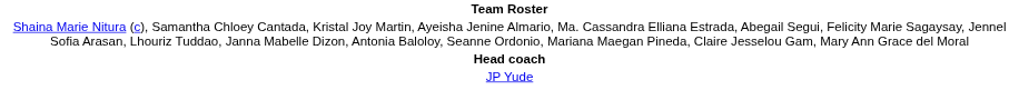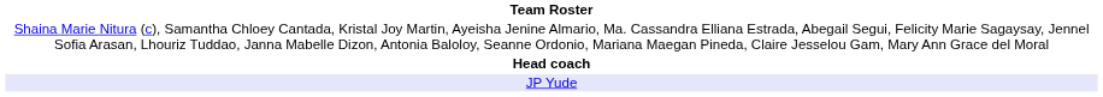 <table style="text-align:center; margin-top:2em; margin-left:auto; margin-right:auto">
 <tr>
 <td><strong>Team Roster</strong></td>
 </tr>
 <tr>
 <td><a href='#'>Shaina Marie Nitura</a> (<a href='#'>c</a>), Samantha Chloey Cantada, Kristal Joy Martin, Ayeisha Jenine Almario, Ma. Cassandra Elliana Estrada, Abegail Segui, Felicity Marie Sagaysay, Jennel Sofia Arasan, Lhouriz Tuddao, Janna Mabelle Dizon, Antonia Baloloy, Seanne Ordonio, Mariana Maegan Pineda, Claire Jesselou Gam, Mary Ann Grace del Moral</td>
 </tr>
 <tr>
 <td><strong>Head coach</strong></td>
 </tr>
 <tr>
-<td><a href='#'>JP Yude</a></td>
+<td style="background: lavender;"><a href='#'>JP Yude</a></td>
 </tr>
 </table>
